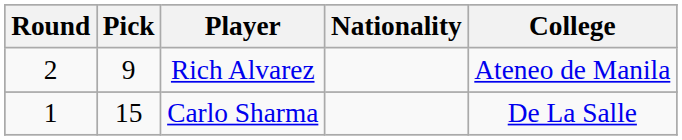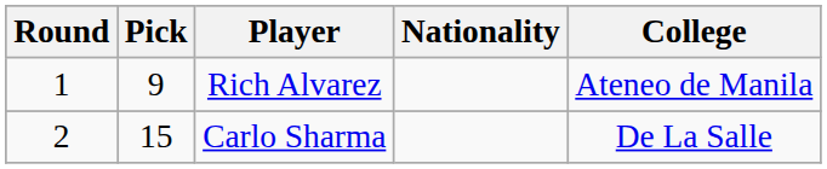 <table class="wikitable sortable sortable">
 <tr>
 <th>Round</th>
 <th>Pick</th>
 <th>Player</th>
 <th>Nationality</th>
 <th>College</th>
 </tr>
 <tr style="text-align: center">
-<td>2</td>
+<td>1</td>
 <td>9</td>
 <td><a href='#'>Rich Alvarez</a></td>
 <td></td>
 <td><a href='#'>Ateneo de Manila</a></td>
 </tr>
 <tr style="text-align: center">
-<td>1</td>
+<td>2</td>
 <td>15</td>
 <td><a href='#'>Carlo Sharma</a></td>
 <td></td>
 <td><a href='#'>De La Salle</a></td>
 </tr>
 </table>
